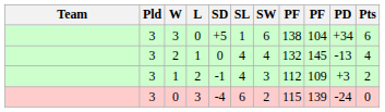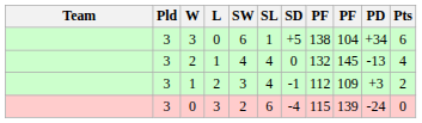 <table class="wikitable" style="text-align:center">
 <tr>
 <th width="160">Team</th>
 <th width="20">Pld</th>
 <th width="20">W</th>
 <th width="20">L</th>
+<th width="20">SW</th>
+<th width="20">SL</th>
 <th width="20">SD</th>
-<th width="20">SL</th>
-<th width="20">SW</th>
 <th width="20">PF</th>
 <th width="20">PF</th>
 <th width="20">PD</th>
 <th width="20">Pts</th>
 </tr>
 <tr bgcolor="ccffcc">
 <td align="left"></td>
 <td>3</td>
 <td>3</td>
 <td>0</td>
+<td>6</td>
+<td>1</td>
 <td>+5</td>
-<td>1</td>
-<td>6</td>
 <td>138</td>
 <td>104</td>
 <td>+34</td>
 <td>6</td>
 </tr>
 <tr bgcolor="ccffcc">
 <td align="left"></td>
 <td>3</td>
 <td>2</td>
 <td>1</td>
-<td>0</td>
 <td>4</td>
 <td>4</td>
+<td>0</td>
 <td>132</td>
 <td>145</td>
 <td>-13</td>
 <td>4</td>
 </tr>
 <tr bgcolor="ccffcc">
 <td align="left"></td>
 <td>3</td>
 <td>1</td>
 <td>2</td>
+<td>3</td>
+<td>4</td>
 <td>-1</td>
-<td>4</td>
-<td>3</td>
 <td>112</td>
 <td>109</td>
 <td>+3</td>
 <td>2</td>
 </tr>
 <tr bgcolor="ffcccc">
 <td align="left"></td>
 <td>3</td>
 <td>0</td>
 <td>3</td>
+<td>2</td>
+<td>6</td>
 <td>-4</td>
-<td>6</td>
-<td>2</td>
 <td>115</td>
 <td>139</td>
 <td>-24</td>
 <td>0</td>
 </tr>
 </table>
